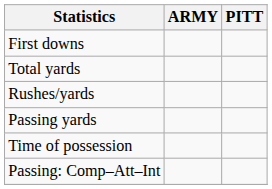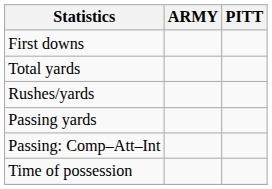 <table class="wikitable" style="float: left;">
 <tr>
 <th>Statistics</th>
 <th>ARMY</th>
 <th>PITT</th>
 </tr>
 <tr>
 <td>First downs</td>
 <td></td>
 <td></td>
 </tr>
 <tr>
 <td>Total yards</td>
 <td></td>
 <td></td>
 </tr>
 <tr>
 <td>Rushes/yards</td>
 <td></td>
 <td></td>
 </tr>
 <tr>
 <td>Passing yards</td>
 <td></td>
 <td></td>
 </tr>
 <tr>
-<td>Time of possession</td>
+<td>Passing: Comp–Att–Int</td>
 <td></td>
 <td></td>
 </tr>
 <tr>
-<td>Passing: Comp–Att–Int</td>
+<td>Time of possession</td>
 <td></td>
 <td></td>
 </tr>
 <tr>
 </tr>
 </table>
